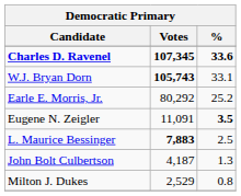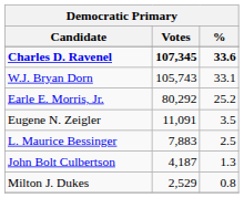 <table class="wikitable" align="left" style="margin:1em 1em 1em 0; background: #f9f9f9; font-size: 95%;">
 <tr style="background-color:#E9E9E9">
 <th colspan="3">Democratic Primary</th>
 </tr>
 <tr style="background-color:#E9E9E9">
 <th colspan="1" style="width: 170px">Candidate</th>
 <th style="width: 50px">Votes</th>
 <th style="width: 40px">%</th>
 </tr>
 <tr>
 </tr>
 <tr>
 <td><strong><a href='#'>Charles D. Ravenel</a></strong></td>
 <td align="right"><strong>107,345</strong></td>
 <td align="right"><strong>33.6</strong></td>
 </tr>
 <tr>
 <td><a href='#'>W.J. Bryan Dorn</a></td>
-<td align="right"><strong>105,743</strong></td>
+<td align="right">105,743</td>
 <td align="right">33.1</td>
 </tr>
 <tr>
 <td><a href='#'>Earle E. Morris, Jr.</a></td>
 <td align="right">80,292</td>
 <td align="right">25.2</td>
 </tr>
 <tr>
 <td>Eugene N. Zeigler</td>
 <td align="right">11,091</td>
-<td align="right"><strong>3.5</strong></td>
+<td align="right">3.5</td>
 </tr>
 <tr>
 <td><a href='#'>L. Maurice Bessinger</a></td>
-<td align="right"><strong>7,883</strong></td>
+<td align="right">7,883</td>
 <td align="right">2.5</td>
 </tr>
 <tr>
 <td><a href='#'>John Bolt Culbertson</a></td>
 <td align="right">4,187</td>
 <td align="right">1.3</td>
 </tr>
 <tr>
 <td>Milton J. Dukes</td>
 <td align="right">2,529</td>
 <td align="right">0.8</td>
 </tr>
 <tr>
 </tr>
 </table>
